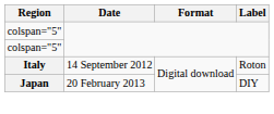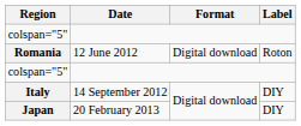 <table class="wikitable plainrowheaders">
 <tr>
 <th>Region</th>
 <th>Date</th>
 <th>Format</th>
 <th>Label</th>
 </tr>
 <tr>
 <td>colspan="5" </td>
 </tr>
 <tr>
+<th scope="row">Romania</th>
+<td>12 June 2012</td>
+<td>Digital download</td>
+<td>Roton</td>
+</tr>
+<tr>
 <td>colspan="5" </td>
 </tr>
 <tr>
 <th scope="row">Italy</th>
 <td>14 September 2012</td>
 <td rowspan="2">Digital download</td>
-<td>Roton</td>
+<td>DIY</td>
 </tr>
 <tr>
 <th scope="row">Japan</th>
 <td>20 February 2013</td>
 <td>DIY</td>
 </tr>
 </table>
